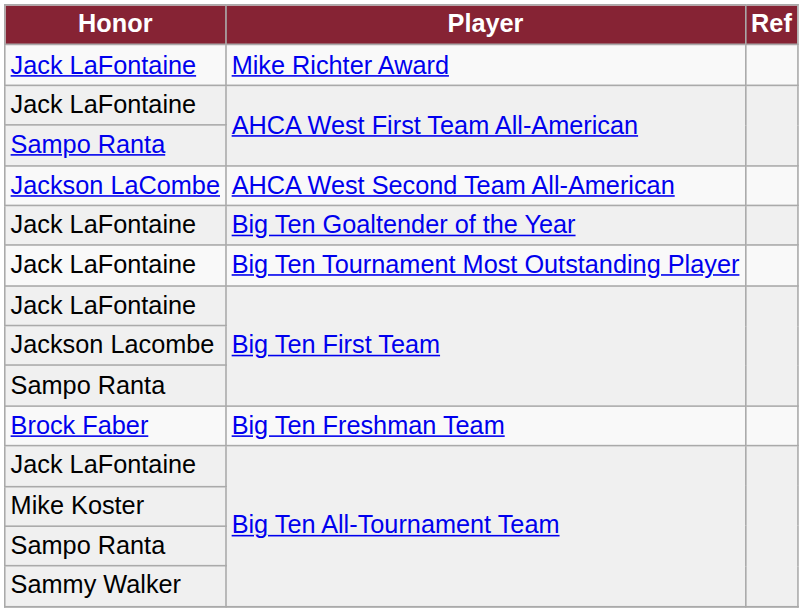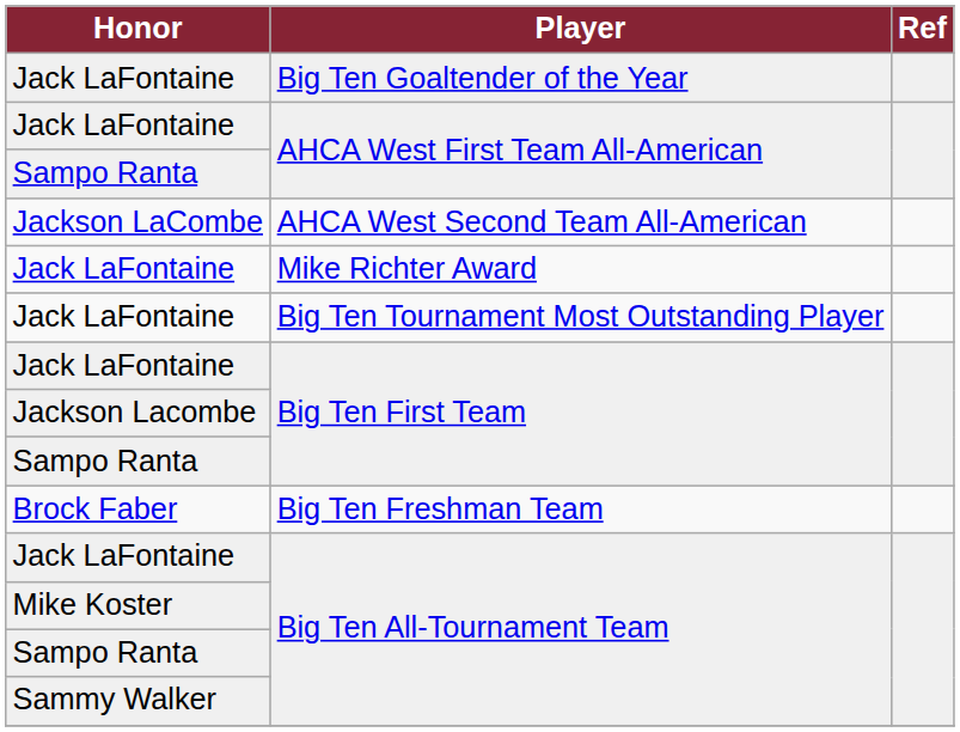 <table class="wikitable">
 <tr>
 <th style="color:white; background:#862334; ">Honor</th>
 <th style="color:white; background:#862334; ">Player</th>
 <th style="color:white; background:#862334; ">Ref</th>
 </tr>
-<tr>
-<td><a href='#'>Jack LaFontaine</a></td>
-<td><a href='#'>Mike Richter Award</a></td>
+<tr bgcolor=f0f0f0>
+<td>Jack LaFontaine</td>
+<td><a href='#'>Big Ten Goaltender of the Year</a></td>
 <td></td>
 </tr>
 <tr bgcolor=f0f0f0>
 <td>Jack LaFontaine</td>
 <td rowspan=2><a href='#'>AHCA West First Team All-American</a></td>
 <td rowspan=2></td>
 </tr>
 <tr bgcolor=f0f0f0>
 <td><a href='#'>Sampo Ranta</a></td>
 </tr>
 <tr>
 <td><a href='#'>Jackson LaCombe</a></td>
 <td><a href='#'>AHCA West Second Team All-American</a></td>
 <td></td>
 </tr>
-<tr bgcolor=f0f0f0>
-<td>Jack LaFontaine</td>
-<td><a href='#'>Big Ten Goaltender of the Year</a></td>
+<tr>
+<td><a href='#'>Jack LaFontaine</a></td>
+<td><a href='#'>Mike Richter Award</a></td>
 <td></td>
 </tr>
 <tr>
 <td>Jack LaFontaine</td>
 <td><a href='#'>Big Ten Tournament Most Outstanding Player</a></td>
 <td></td>
 </tr>
 <tr bgcolor=f0f0f0>
 <td>Jack LaFontaine</td>
 <td rowspan=3><a href='#'>Big Ten First Team</a></td>
 <td rowspan=3></td>
 </tr>
 <tr bgcolor=f0f0f0>
 <td>Jackson Lacombe</td>
 </tr>
 <tr bgcolor=f0f0f0>
 <td>Sampo Ranta</td>
 </tr>
 <tr>
 <td><a href='#'>Brock Faber</a></td>
 <td><a href='#'>Big Ten Freshman Team</a></td>
 <td></td>
 </tr>
 <tr bgcolor=f0f0f0>
 <td>Jack LaFontaine</td>
 <td rowspan=4><a href='#'>Big Ten All-Tournament Team</a></td>
 <td rowspan=4></td>
 </tr>
 <tr bgcolor=f0f0f0>
 <td>Mike Koster</td>
 </tr>
 <tr bgcolor=f0f0f0>
 <td>Sampo Ranta</td>
 </tr>
 <tr bgcolor=f0f0f0>
 <td>Sammy Walker</td>
 </tr>
 <tr>
 </tr>
 </table>
